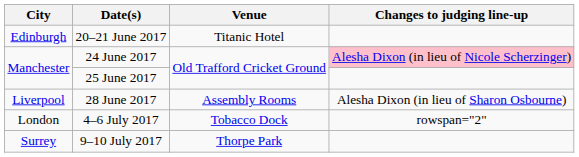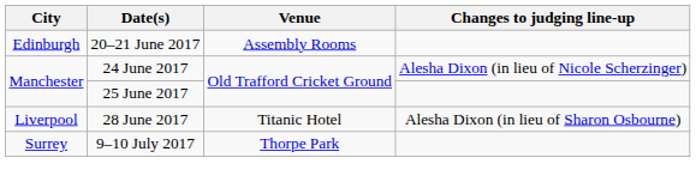 <table class="wikitable sortable plainrowheaders" style="text-align:center">
 <tr>
 <th>City</th>
 <th scope="col">Date(s)</th>
 <th scope="col">Venue</th>
 <th scope="col">Changes to judging line-up</th>
 </tr>
 <tr>
 <td><a href='#'>Edinburgh</a></td>
 <td>20–21 June 2017</td>
-<td>Titanic Hotel</td>
+<td><a href='#'>Assembly Rooms</a></td>
 <td></td>
 </tr>
 <tr>
 <td rowspan="2"><a href='#'>Manchester</a></td>
 <td>24 June 2017</td>
 <td rowspan="2"><a href='#'>Old Trafford Cricket Ground</a></td>
-<td style="background: pink;"><a href='#'>Alesha Dixon</a> (in lieu of <a href='#'>Nicole Scherzinger</a>)</td>
+<td><a href='#'>Alesha Dixon</a> (in lieu of <a href='#'>Nicole Scherzinger</a>)</td>
 </tr>
 <tr>
 <td>25 June 2017</td>
 <td></td>
 </tr>
 <tr>
 <td><a href='#'>Liverpool</a></td>
 <td>28 June 2017</td>
-<td><a href='#'>Assembly Rooms</a></td>
+<td>Titanic Hotel</td>
 <td>Alesha Dixon (in lieu of <a href='#'>Sharon Osbourne</a>)</td>
-</tr>
-<tr>
-<td>London</td>
-<td>4–6 July 2017</td>
-<td><a href='#'>Tobacco Dock</a></td>
-<td>rowspan="2" </td>
 </tr>
 <tr>
 <td><a href='#'>Surrey</a></td>
 <td>9–10 July 2017</td>
 <td><a href='#'>Thorpe Park</a></td>
 </tr>
 </table>
